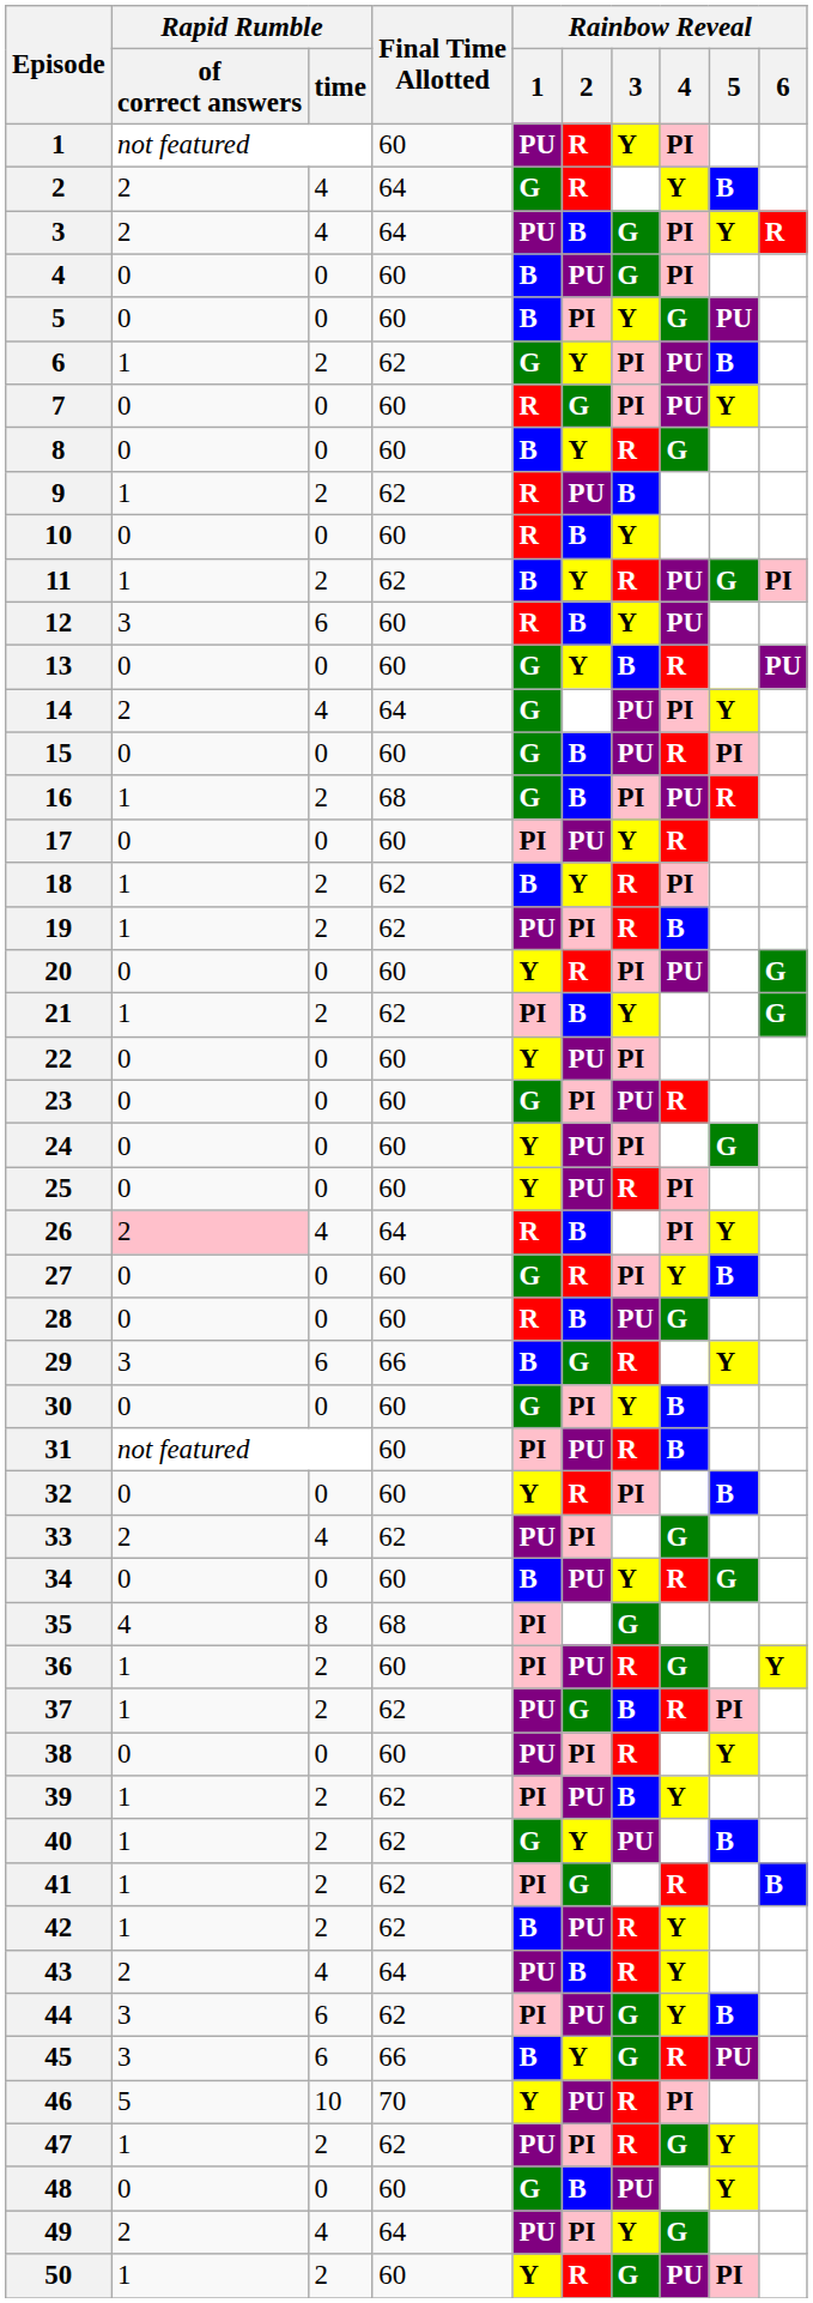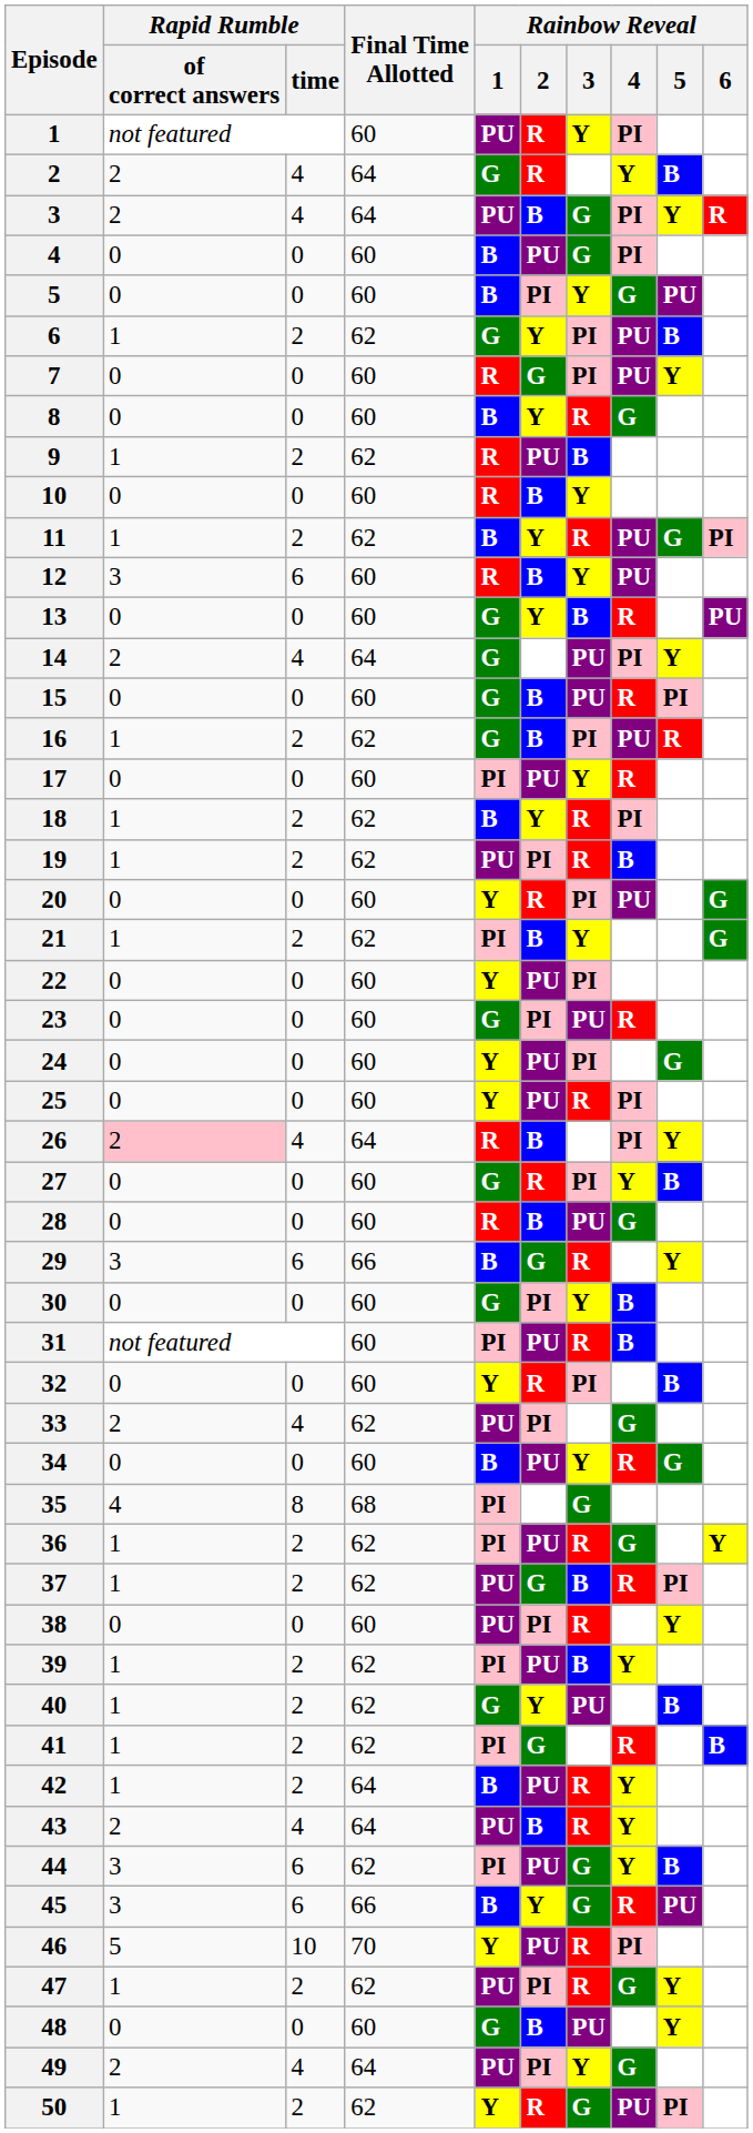 <table class="wikitable collapsible ">
 <tr>
 <th rowspan="2">Episode </th>
 <th colspan="2"><em>Rapid Rumble</em></th>
 <th rowspan="2">Final Time<br>Allotted</th>
 <th colspan="6"><em>Rainbow Reveal</em></th>
 </tr>
 <tr>
 <th> of<br>correct answers</th>
 <th> time</th>
 <th> 1</th>
 <th> 2</th>
 <th> 3</th>
 <th> 4</th>
 <th> 5</th>
 <th> 6</th>
 </tr>
 <tr>
 <th>1</th>
 <td colspan="2" style="background:white;"><em>not featured</em></td>
 <td>60 </td>
 <td style="background:purple; color:white;"><strong>PU</strong></td>
 <td style="background:red; color:white;"><strong>R</strong></td>
 <td style="background:yellow;"><strong>Y</strong></td>
 <td style="background:pink;"><strong>PI</strong></td>
 <td style="background:white;"></td>
 <td style="background:white;"></td>
 </tr>
 <tr>
 <th>2</th>
 <td>2</td>
 <td>4 </td>
 <td>64 </td>
 <td style="background:green; color:white;"><strong>G</strong></td>
 <td style="background:red; color:white;"><strong>R</strong></td>
 <td style="background:white;"></td>
 <td style="background:yellow;"><strong>Y</strong></td>
 <td style="background:blue; color:white;"><strong>B</strong></td>
 <td style="background:white;"></td>
 </tr>
 <tr>
 <th>3</th>
 <td>2</td>
 <td>4 </td>
 <td>64 </td>
 <td style="background:purple; color:white;"><strong>PU</strong></td>
 <td style="background:blue; color:white;"><strong>B</strong></td>
 <td style="background:green; color:white;"><strong>G</strong></td>
 <td style="background:pink;"><strong>PI</strong></td>
 <td style="background:yellow;"><strong>Y</strong></td>
 <td style="background:red; color:white;"><strong>R</strong></td>
 </tr>
 <tr>
 <th>4</th>
 <td>0</td>
 <td>0 </td>
 <td>60 </td>
 <td style="background:blue; color:white;"><strong>B</strong></td>
 <td style="background:purple; color:white;"><strong>PU</strong></td>
 <td style="background:green; color:white;"><strong>G</strong></td>
 <td style="background:pink;"><strong>PI</strong></td>
 <td style="background:white;"></td>
 <td style="background:white;"></td>
 </tr>
 <tr>
 <th>5</th>
 <td>0</td>
 <td>0 </td>
 <td>60 </td>
 <td style="background:blue; color:white;"><strong>B</strong></td>
 <td style="background:pink;"><strong>PI</strong></td>
 <td style="background:yellow;"><strong>Y</strong></td>
 <td style="background:green; color:white;"><strong>G</strong></td>
 <td style="background:purple; color:white;"><strong>PU</strong></td>
 <td style="background:white;"></td>
 </tr>
 <tr>
 <th>6</th>
 <td>1</td>
 <td>2 </td>
 <td>62 </td>
 <td style="background:green; color:white;"><strong>G</strong></td>
 <td style="background:yellow;"><strong>Y</strong></td>
 <td style="background:pink;"><strong>PI</strong></td>
 <td style="background:purple; color:white;"><strong>PU</strong></td>
 <td style="background:blue; color:white;"><strong>B</strong></td>
 <td style="background:white;"></td>
 </tr>
 <tr>
 <th>7</th>
 <td>0</td>
 <td>0 </td>
 <td>60 </td>
 <td style="background:red; color:white;"><strong>R</strong></td>
 <td style="background:green; color:white;"><strong>G</strong></td>
 <td style="background:pink;"><strong>PI</strong></td>
 <td style="background:purple; color:white;"><strong>PU</strong></td>
 <td style="background:yellow;"><strong>Y</strong></td>
 <td style="background:white;"></td>
 </tr>
 <tr>
 <th>8</th>
 <td>0</td>
 <td>0 </td>
 <td>60 </td>
 <td style="background:blue; color:white;"><strong>B</strong></td>
 <td style="background:yellow;"><strong>Y</strong></td>
 <td style="background:red; color:white;"><strong>R</strong></td>
 <td style="background:green; color:white;"><strong>G</strong></td>
 <td style="background:white;"></td>
 <td style="background:white;"></td>
 </tr>
 <tr>
 <th>9</th>
 <td>1</td>
 <td>2 </td>
 <td>62 </td>
 <td style="background:red; color:white;"><strong>R</strong></td>
 <td style="background:purple; color:white;"><strong>PU</strong></td>
 <td style="background:blue; color:white;"><strong>B</strong></td>
 <td style="background:white;"></td>
 <td style="background:white;"></td>
 <td style="background:white;"></td>
 </tr>
 <tr>
 <th>10</th>
 <td>0</td>
 <td>0 </td>
 <td>60 </td>
 <td style="background:red; color:white;"><strong>R</strong></td>
 <td style="background:blue; color:white;"><strong>B</strong></td>
 <td style="background:yellow;"><strong>Y</strong></td>
 <td style="background:white;"></td>
 <td style="background:white;"></td>
 <td style="background:white;"></td>
 </tr>
 <tr>
 <th>11</th>
 <td>1</td>
 <td>2 </td>
 <td>62 </td>
 <td style="background:blue; color:white;"><strong>B</strong></td>
 <td style="background:yellow;"><strong>Y</strong></td>
 <td style="background:red; color:white;"><strong>R</strong></td>
 <td style="background:purple; color:white;"><strong>PU</strong></td>
 <td style="background:green; color:white;"><strong>G</strong></td>
 <td style="background:pink;"><strong>PI</strong></td>
 </tr>
 <tr>
 <th>12</th>
 <td>3</td>
 <td>6 </td>
 <td>60 </td>
 <td style="background:red; color:white;"><strong>R</strong></td>
 <td style="background:blue; color:white;"><strong>B</strong></td>
 <td style="background:yellow;"><strong>Y</strong></td>
 <td style="background:purple; color:white;"><strong>PU</strong></td>
 <td style="background:white;"></td>
 <td style="background:white;"></td>
 </tr>
 <tr>
 <th>13</th>
 <td>0</td>
 <td>0 </td>
 <td>60 </td>
 <td style="background:green; color:white;"><strong>G</strong></td>
 <td style="background:yellow;"><strong>Y</strong></td>
 <td style="background:blue; color:white;"><strong>B</strong></td>
 <td style="background:red; color:white;"><strong>R</strong></td>
 <td style="background:white;"></td>
 <td style="background:purple; color:white;"><strong>PU</strong></td>
 </tr>
 <tr>
 <th>14</th>
 <td>2</td>
 <td>4 </td>
 <td>64 </td>
 <td style="background:green; color:white;"><strong>G</strong></td>
 <td style="background:white;"></td>
 <td style="background:purple; color:white;"><strong>PU</strong></td>
 <td style="background:pink;"><strong>PI</strong></td>
 <td style="background:yellow;"><strong>Y</strong></td>
 <td style="background:white;"></td>
 </tr>
 <tr>
 <th>15</th>
 <td>0</td>
 <td>0 </td>
 <td>60 </td>
 <td style="background:green; color:white;"><strong>G</strong></td>
 <td style="background:blue; color:white;"><strong>B</strong></td>
 <td style="background:purple; color:white;"><strong>PU</strong></td>
 <td style="background:red; color:white;"><strong>R</strong></td>
 <td style="background:pink;"><strong>PI</strong></td>
 <td style="background:white;"></td>
 </tr>
 <tr>
 <th>16</th>
 <td>1</td>
 <td>2 </td>
-<td>68 </td>
+<td>62 </td>
 <td style="background:green; color:white;"><strong>G</strong></td>
 <td style="background:blue; color:white;"><strong>B</strong></td>
 <td style="background:pink;"><strong>PI</strong></td>
 <td style="background:purple; color:white;"><strong>PU</strong></td>
 <td style="background:red; color:white;"><strong>R</strong></td>
 <td style="background:white;"></td>
 </tr>
 <tr>
 <th>17</th>
 <td>0</td>
 <td>0 </td>
 <td>60 </td>
 <td style="background:pink;"><strong>PI</strong></td>
 <td style="background:purple; color:white;"><strong>PU</strong></td>
 <td style="background:yellow;"><strong>Y</strong></td>
 <td style="background:red; color:white;"><strong>R</strong></td>
 <td style="background:white;"></td>
 <td style="background:white;"></td>
 </tr>
 <tr>
 <th>18</th>
 <td>1</td>
 <td>2 </td>
 <td>62 </td>
 <td style="background:blue; color:white;"><strong>B</strong></td>
 <td style="background:yellow;"><strong>Y</strong></td>
 <td style="background:red; color:white;"><strong>R</strong></td>
 <td style="background:pink;"><strong>PI</strong></td>
 <td style="background:white;"></td>
 <td style="background:white;"></td>
 </tr>
 <tr>
 <th>19</th>
 <td>1</td>
 <td>2 </td>
 <td>62 </td>
 <td style="background:purple; color:white;"><strong>PU</strong></td>
 <td style="background:pink;"><strong>PI</strong></td>
 <td style="background:red; color:white;"><strong>R</strong></td>
 <td style="background:blue; color:white;"><strong>B</strong></td>
 <td style="background:white;"></td>
 <td style="background:white;"></td>
 </tr>
 <tr>
 <th>20</th>
 <td>0</td>
 <td>0 </td>
 <td>60 </td>
 <td style="background:yellow;"><strong>Y</strong></td>
 <td style="background:red; color:white;"><strong>R</strong></td>
 <td style="background:pink;"><strong>PI</strong></td>
 <td style="background:purple; color:white;"><strong>PU</strong></td>
 <td style="background:white;"></td>
 <td style="background:green; color:white;"><strong>G</strong></td>
 </tr>
 <tr>
 <th>21</th>
 <td>1</td>
 <td>2 </td>
 <td>62 </td>
 <td style="background:pink;"><strong>PI</strong></td>
 <td style="background:blue; color:white;"><strong>B</strong></td>
 <td style="background:yellow;"><strong>Y</strong></td>
 <td style="background:white;"></td>
 <td style="background:white;"></td>
 <td style="background:green; color:white;"><strong>G</strong></td>
 </tr>
 <tr>
 <th>22</th>
 <td>0</td>
 <td>0 </td>
 <td>60 </td>
 <td style="background:yellow;"><strong>Y</strong></td>
 <td style="background:purple; color:white;"><strong>PU</strong></td>
 <td style="background:pink;"><strong>PI</strong></td>
 <td style="background:white;"></td>
 <td style="background:white;"></td>
 <td style="background:white;"></td>
 </tr>
 <tr>
 <th>23</th>
 <td>0</td>
 <td>0 </td>
 <td>60 </td>
 <td style="background:green; color:white;"><strong>G</strong></td>
 <td style="background:pink;"><strong>PI</strong></td>
 <td style="background:purple; color:white;"><strong>PU</strong></td>
 <td style="background:red; color:white;"><strong>R</strong></td>
 <td style="background:white;"></td>
 <td style="background:white;"></td>
 </tr>
 <tr>
 <th>24</th>
 <td>0</td>
 <td>0 </td>
 <td>60 </td>
 <td style="background:yellow;"><strong>Y</strong></td>
 <td style="background:purple; color:white;"><strong>PU</strong></td>
 <td style="background:pink;"><strong>PI</strong></td>
 <td style="background:white;"></td>
 <td style="background:green; color:white;"><strong>G</strong></td>
 <td style="background:white;"></td>
 </tr>
 <tr>
 <th>25</th>
 <td>0</td>
 <td>0 </td>
 <td>60 </td>
 <td style="background:yellow;"><strong>Y</strong></td>
 <td style="background:purple; color:white;"><strong>PU</strong></td>
 <td style="background:red; color:white;"><strong>R</strong></td>
 <td style="background:pink;"><strong>PI</strong></td>
 <td style="background:white;"></td>
 <td style="background:white;"></td>
 </tr>
 <tr>
 <th>26</th>
 <td style="background: pink;">2</td>
 <td>4 </td>
 <td>64 </td>
 <td style="background:red; color:white;"><strong>R</strong></td>
 <td style="background:blue; color:white;"><strong>B</strong></td>
 <td style="background:white;"></td>
 <td style="background:pink;"><strong>PI</strong></td>
 <td style="background:yellow;"><strong>Y</strong></td>
 <td style="background:white;"></td>
 </tr>
 <tr>
 <th>27</th>
 <td>0</td>
 <td>0 </td>
 <td>60 </td>
 <td style="background:green; color:white;"><strong>G</strong></td>
 <td style="background:red; color:white;"><strong>R</strong></td>
 <td style="background:pink;"><strong>PI</strong></td>
 <td style="background:yellow;"><strong>Y</strong></td>
 <td style="background:blue; color:white;"><strong>B</strong></td>
 <td style="background:white;"></td>
 </tr>
 <tr>
 <th>28</th>
 <td>0</td>
 <td>0 </td>
 <td>60 </td>
 <td style="background:red; color:white;"><strong>R</strong></td>
 <td style="background:blue; color:white;"><strong>B</strong></td>
 <td style="background:purple; color:white;"><strong>PU</strong></td>
 <td style="background:green; color:white;"><strong>G</strong></td>
 <td style="background:white;"></td>
 <td style="background:white;"></td>
 </tr>
 <tr>
 <th>29</th>
 <td>3</td>
 <td>6 </td>
 <td>66 </td>
 <td style="background:blue; color:white;"><strong>B</strong></td>
 <td style="background:green; color:white;"><strong>G</strong></td>
 <td style="background:red; color:white;"><strong>R</strong></td>
 <td style="background:white;"></td>
 <td style="background:yellow;"><strong>Y</strong></td>
 <td style="background:white;"></td>
 </tr>
 <tr>
 <th>30</th>
 <td>0</td>
 <td>0 </td>
 <td>60 </td>
 <td style="background:green; color:white;"><strong>G</strong></td>
 <td style="background:pink;"><strong>PI</strong></td>
 <td style="background:yellow;"><strong>Y</strong></td>
 <td style="background:blue; color:white;"><strong>B</strong></td>
 <td style="background:white;"></td>
 <td style="background:white;"></td>
 </tr>
 <tr>
 <th>31</th>
 <td colspan="2" style="background:white;"><em>not featured</em></td>
 <td>60 </td>
 <td style="background:pink;"><strong>PI</strong></td>
 <td style="background:purple; color:white;"><strong>PU</strong></td>
 <td style="background:red; color:white;"><strong>R</strong></td>
 <td style="background:blue; color:white;"><strong>B</strong></td>
 <td style="background:white;"></td>
 <td style="background:white;"></td>
 </tr>
 <tr>
 <th>32</th>
 <td>0</td>
 <td>0 </td>
 <td>60 </td>
 <td style="background:yellow;"><strong>Y</strong></td>
 <td style="background:red; color:white;"><strong>R</strong></td>
 <td style="background:pink;"><strong>PI</strong></td>
 <td style="background:white;"></td>
 <td style="background:blue; color:white;"><strong>B</strong></td>
 <td style="background:white;"></td>
 </tr>
 <tr>
 <th>33</th>
 <td>2</td>
 <td>4 </td>
 <td>62 </td>
 <td style="background:purple; color:white;"><strong>PU</strong></td>
 <td style="background:pink;"><strong>PI</strong></td>
 <td style="background:white;"></td>
 <td style="background:green; color:white;"><strong>G</strong></td>
 <td style="background:white;"></td>
 <td style="background:white;"></td>
 </tr>
 <tr>
 <th>34</th>
 <td>0</td>
 <td>0 </td>
 <td>60 </td>
 <td style="background:blue; color:white;"><strong>B</strong></td>
 <td style="background:purple; color:white;"><strong>PU</strong></td>
 <td style="background:yellow;"><strong>Y</strong></td>
 <td style="background:red; color:white;"><strong>R</strong></td>
 <td style="background:green; color:white;"><strong>G</strong></td>
 <td style="background:white;"></td>
 </tr>
 <tr>
 <th>35</th>
 <td>4</td>
 <td>8 </td>
 <td>68 </td>
 <td style="background:pink;"><strong>PI</strong></td>
 <td style="background:white;"></td>
 <td style="background:green; color:white;"><strong>G</strong></td>
 <td style="background:white;"></td>
 <td style="background:white;"></td>
 <td style="background:white;"></td>
 </tr>
 <tr>
 <th>36</th>
 <td>1</td>
 <td>2 </td>
-<td>60 </td>
+<td>62 </td>
 <td style="background:pink;"><strong>PI</strong></td>
 <td style="background:purple; color:white;"><strong>PU</strong></td>
 <td style="background:red; color:white;"><strong>R</strong></td>
 <td style="background:green; color:white;"><strong>G</strong></td>
 <td style="background:white;"></td>
 <td style="background:yellow;"><strong>Y</strong></td>
 </tr>
 <tr>
 <th>37</th>
 <td>1</td>
 <td>2 </td>
 <td>62 </td>
 <td style="background:purple; color:white;"><strong>PU</strong></td>
 <td style="background:green; color:white;"><strong>G</strong></td>
 <td style="background:blue; color:white;"><strong>B</strong></td>
 <td style="background:red; color:white;"><strong>R</strong></td>
 <td style="background:pink;"><strong>PI</strong></td>
 <td style="background:white;"></td>
 </tr>
 <tr>
 <th>38</th>
 <td>0</td>
 <td>0 </td>
 <td>60 </td>
 <td style="background:purple; color:white;"><strong>PU</strong></td>
 <td style="background:pink;"><strong>PI</strong></td>
 <td style="background:red; color:white;"><strong>R</strong></td>
 <td style="background:white;"></td>
 <td style="background:yellow;"><strong>Y</strong></td>
 <td style="background:white;"></td>
 </tr>
 <tr>
 <th>39</th>
 <td>1</td>
 <td>2 </td>
 <td>62 </td>
 <td style="background:pink;"><strong>PI</strong></td>
 <td style="background:purple; color:white;"><strong>PU</strong></td>
 <td style="background:blue; color:white;"><strong>B</strong></td>
 <td style="background:yellow;"><strong>Y</strong></td>
 <td style="background:white;"></td>
 <td style="background:white;"></td>
 </tr>
 <tr>
 <th>40</th>
 <td>1</td>
 <td>2 </td>
 <td>62 </td>
 <td style="background:green; color:white;"><strong>G</strong></td>
 <td style="background:yellow;"><strong>Y</strong></td>
 <td style="background:purple; color:white;"><strong>PU</strong></td>
 <td style="background:white;"></td>
 <td style="background:blue; color:white;"><strong>B</strong></td>
 <td style="background:white;"></td>
 </tr>
 <tr>
 <th>41</th>
 <td>1</td>
 <td>2 </td>
 <td>62 </td>
 <td style="background:pink;"><strong>PI</strong></td>
 <td style="background:green; color:white;"><strong>G</strong></td>
 <td style="background:white;"></td>
 <td style="background:red; color:white;"><strong>R</strong></td>
 <td style="background:white;"></td>
 <td style="background:blue; color:white;"><strong>B</strong></td>
 </tr>
 <tr>
 <th>42</th>
 <td>1</td>
 <td>2 </td>
-<td>62 </td>
+<td>64 </td>
 <td style="background:blue; color:white;"><strong>B</strong></td>
 <td style="background:purple; color:white;"><strong>PU</strong></td>
 <td style="background:red; color:white;"><strong>R</strong></td>
 <td style="background:yellow;"><strong>Y</strong></td>
 <td style="background:white;"></td>
 <td style="background:white;"></td>
 </tr>
 <tr>
 <th>43</th>
 <td>2</td>
 <td>4 </td>
 <td>64 </td>
 <td style="background:purple; color:white;"><strong>PU</strong></td>
 <td style="background:blue; color:white;"><strong>B</strong></td>
 <td style="background:red; color:white;"><strong>R</strong></td>
 <td style="background:yellow;"><strong>Y</strong></td>
 <td style="background:white;"></td>
 <td style="background:white;"></td>
 </tr>
 <tr>
 <th>44</th>
 <td>3</td>
 <td>6 </td>
 <td>62 </td>
 <td style="background:pink;"><strong>PI</strong></td>
 <td style="background:purple; color:white;"><strong>PU</strong></td>
 <td style="background:green; color:white;"><strong>G</strong></td>
 <td style="background:yellow;"><strong>Y</strong></td>
 <td style="background:blue; color:white;"><strong>B</strong></td>
 <td style="background:white;"></td>
 </tr>
 <tr>
 <th>45</th>
 <td>3</td>
 <td>6 </td>
 <td>66 </td>
 <td style="background:blue; color:white;"><strong>B</strong></td>
 <td style="background:yellow;"><strong>Y</strong></td>
 <td style="background:green; color:white;"><strong>G</strong></td>
 <td style="background:red; color:white;"><strong>R</strong></td>
 <td style="background:purple; color:white;"><strong>PU</strong></td>
 <td style="background:white;"></td>
 </tr>
 <tr>
 <th>46</th>
 <td>5</td>
 <td>10 </td>
 <td>70 </td>
 <td style="background:yellow;"><strong>Y</strong></td>
 <td style="background:purple; color:white;"><strong>PU</strong></td>
 <td style="background:red; color:white;"><strong>R</strong></td>
 <td style="background:pink;"><strong>PI</strong></td>
 <td style="background:white;"></td>
 <td style="background:white;"></td>
 </tr>
 <tr>
 <th>47</th>
 <td>1</td>
 <td>2 </td>
 <td>62 </td>
 <td style="background:purple; color:white;"><strong>PU</strong></td>
 <td style="background:pink;"><strong>PI</strong></td>
 <td style="background:red; color:white;"><strong>R</strong></td>
 <td style="background:green; color:white;"><strong>G</strong></td>
 <td style="background:yellow;"><strong>Y</strong></td>
 <td style="background:white;"></td>
 </tr>
 <tr>
 <th>48</th>
 <td>0</td>
 <td>0 </td>
 <td>60 </td>
 <td style="background:green; color:white;"><strong>G</strong></td>
 <td style="background:blue; color:white;"><strong>B</strong></td>
 <td style="background:purple; color:white;"><strong>PU</strong></td>
 <td style="background:white;"></td>
 <td style="background:yellow;"><strong>Y</strong></td>
 <td style="background:white;"></td>
 </tr>
 <tr>
 <th>49</th>
 <td>2</td>
 <td>4 </td>
 <td>64 </td>
 <td style="background:purple; color:white;"><strong>PU</strong></td>
 <td style="background:pink;"><strong>PI</strong></td>
 <td style="background:yellow;"><strong>Y</strong></td>
 <td style="background:green; color:white;"><strong>G</strong></td>
 <td style="background:white;"></td>
 <td style="background:white;"></td>
 </tr>
 <tr>
 <th>50</th>
 <td>1</td>
 <td>2 </td>
-<td>60 </td>
+<td>62 </td>
 <td style="background:yellow;"><strong>Y</strong></td>
 <td style="background:red; color:white;"><strong>R</strong></td>
 <td style="background:green; color:white;"><strong>G</strong></td>
 <td style="background:purple; color:white;"><strong>PU</strong></td>
 <td style="background:pink;"><strong>PI</strong></td>
 <td style="background:white;"></td>
 </tr>
 </table>
